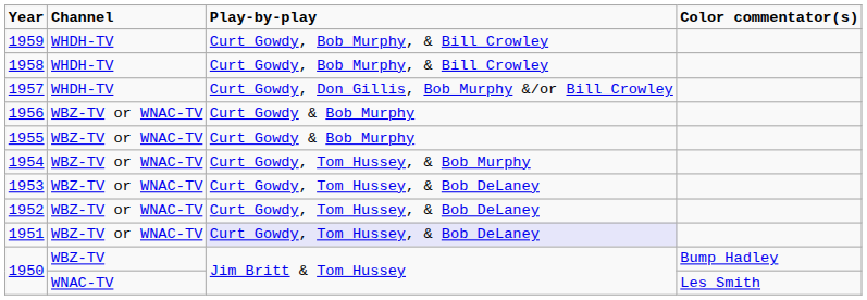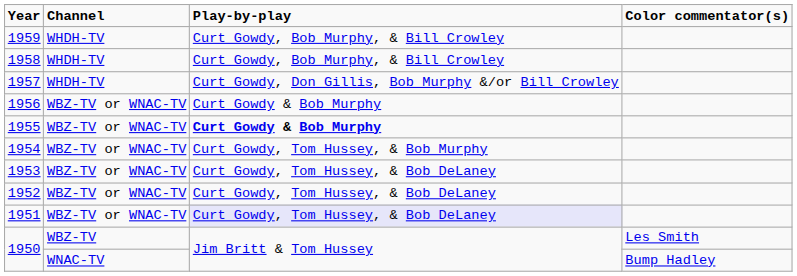 <table class="wikitable">
 <tr>
 <td><strong>Year</strong></td>
 <td><strong>Channel</strong></td>
 <td><strong>Play-by-play</strong></td>
 <td><strong>Color commentator(s)</strong></td>
 </tr>
 <tr>
 <td><a href='#'>1959</a></td>
 <td><a href='#'>WHDH-TV</a></td>
 <td><a href='#'>Curt Gowdy</a>, <a href='#'>Bob Murphy</a>, & <a href='#'>Bill Crowley</a></td>
 <td></td>
 </tr>
 <tr>
 <td><a href='#'>1958</a></td>
 <td><a href='#'>WHDH-TV</a></td>
 <td><a href='#'>Curt Gowdy</a>, <a href='#'>Bob Murphy</a>, & <a href='#'>Bill Crowley</a></td>
 <td></td>
 </tr>
 <tr>
 <td><a href='#'>1957</a></td>
 <td><a href='#'>WHDH-TV</a></td>
 <td><a href='#'>Curt Gowdy</a>, <a href='#'>Don Gillis</a>, <a href='#'>Bob Murphy</a> &/or <a href='#'>Bill Crowley</a></td>
 <td></td>
 </tr>
 <tr>
 <td><a href='#'>1956</a></td>
 <td><a href='#'>WBZ-TV</a> or <a href='#'>WNAC-TV</a></td>
 <td><a href='#'>Curt Gowdy</a> & <a href='#'>Bob Murphy</a></td>
 <td></td>
 </tr>
 <tr>
 <td><a href='#'>1955</a></td>
 <td><a href='#'>WBZ-TV</a> or <a href='#'>WNAC-TV</a></td>
-<td><a href='#'>Curt Gowdy</a> & <a href='#'>Bob Murphy</a></td>
+<td><strong><a href='#'>Curt Gowdy</a> & <a href='#'>Bob Murphy</a></strong></td>
 <td></td>
 </tr>
 <tr>
 <td><a href='#'>1954</a></td>
 <td><a href='#'>WBZ-TV</a> or <a href='#'>WNAC-TV</a></td>
 <td><a href='#'>Curt Gowdy</a>, <a href='#'>Tom Hussey</a>, & <a href='#'>Bob Murphy</a></td>
 <td></td>
 </tr>
 <tr>
 <td><a href='#'>1953</a></td>
 <td><a href='#'>WBZ-TV</a> or <a href='#'>WNAC-TV</a></td>
 <td><a href='#'>Curt Gowdy</a>, <a href='#'>Tom Hussey</a>, & <a href='#'>Bob DeLaney</a></td>
 <td></td>
 </tr>
 <tr>
 <td><a href='#'>1952</a></td>
 <td><a href='#'>WBZ-TV</a> or <a href='#'>WNAC-TV</a></td>
 <td><a href='#'>Curt Gowdy</a>, <a href='#'>Tom Hussey</a>, & <a href='#'>Bob DeLaney</a></td>
 <td></td>
 </tr>
 <tr>
 <td><a href='#'>1951</a></td>
 <td><a href='#'>WBZ-TV</a> or <a href='#'>WNAC-TV</a></td>
 <td style="background: lavender;"><a href='#'>Curt Gowdy</a>, <a href='#'>Tom Hussey</a>, & <a href='#'>Bob DeLaney</a></td>
 <td></td>
 </tr>
 <tr>
 <td rowspan=2><a href='#'>1950</a></td>
 <td><a href='#'>WBZ-TV</a></td>
 <td rowspan="2"><a href='#'>Jim Britt</a> & <a href='#'>Tom Hussey</a></td>
-<td><a href='#'>Bump Hadley</a></td>
+<td><a href='#'>Les Smith</a></td>
 </tr>
 <tr>
 <td><a href='#'>WNAC-TV</a></td>
-<td><a href='#'>Les Smith</a></td>
+<td><a href='#'>Bump Hadley</a></td>
 </tr>
 </table>
